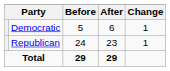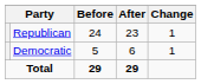 <table class="wikitable" style="text-align:center;">
 <tr>
 </tr>
 <tr>
 <th colspan=2>Party</th>
 <th>Before</th>
 <th>After</th>
 <th>Change</th>
 </tr>
 <tr>
 <th style="background-color:"></th>
-<td style="text-align:left;"><a href='#'>Democratic</a></td>
-<td>5</td>
-<td>6</td>
+<td style="text-align:left;"><a href='#'>Republican</a></td>
+<td>24</td>
+<td>23</td>
 <td> 1</td>
 </tr>
 <tr>
 <th style="background-color:"></th>
-<td style="text-align:left;"><a href='#'>Republican</a></td>
-<td>24</td>
-<td>23</td>
+<td style="text-align:left;"><a href='#'>Democratic</a></td>
+<td>5</td>
+<td>6</td>
 <td> 1</td>
 </tr>
 <tr>
 <td colspan=2><strong>Total</strong></td>
 <td><strong>29</strong></td>
 <td><strong>29</strong></td>
 <td></td>
 </tr>
 </table>
